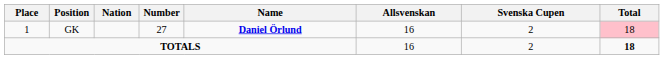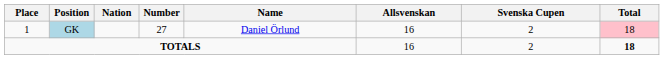 <table class="wikitable" style="font-size: 95%; text-align: center;">
 <tr>
 <th width=60>Place</th>
 <th width=60>Position</th>
 <th width=60>Nation</th>
 <th width=60>Number</th>
 <th width=250>Name</th>
 <th width=150>Allsvenskan</th>
 <th width=200>Svenska Cupen</th>
 <th width=80><strong>Total</strong></th>
 </tr>
 <tr>
 <td>1</td>
-<td>GK</td>
+<td style="background: lightblue;">GK</td>
 <td></td>
 <td>27</td>
-<td><strong><a href='#'>Daniel Örlund</a></strong></td>
+<td><a href='#'>Daniel Örlund</a></td>
 <td>16</td>
 <td>2</td>
 <td style="background: pink;">18</td>
 </tr>
 <tr>
 <td colspan="5"><strong>TOTALS</strong></td>
 <td>16</td>
 <td>2</td>
 <td><strong>18</strong></td>
 </tr>
 </table>
